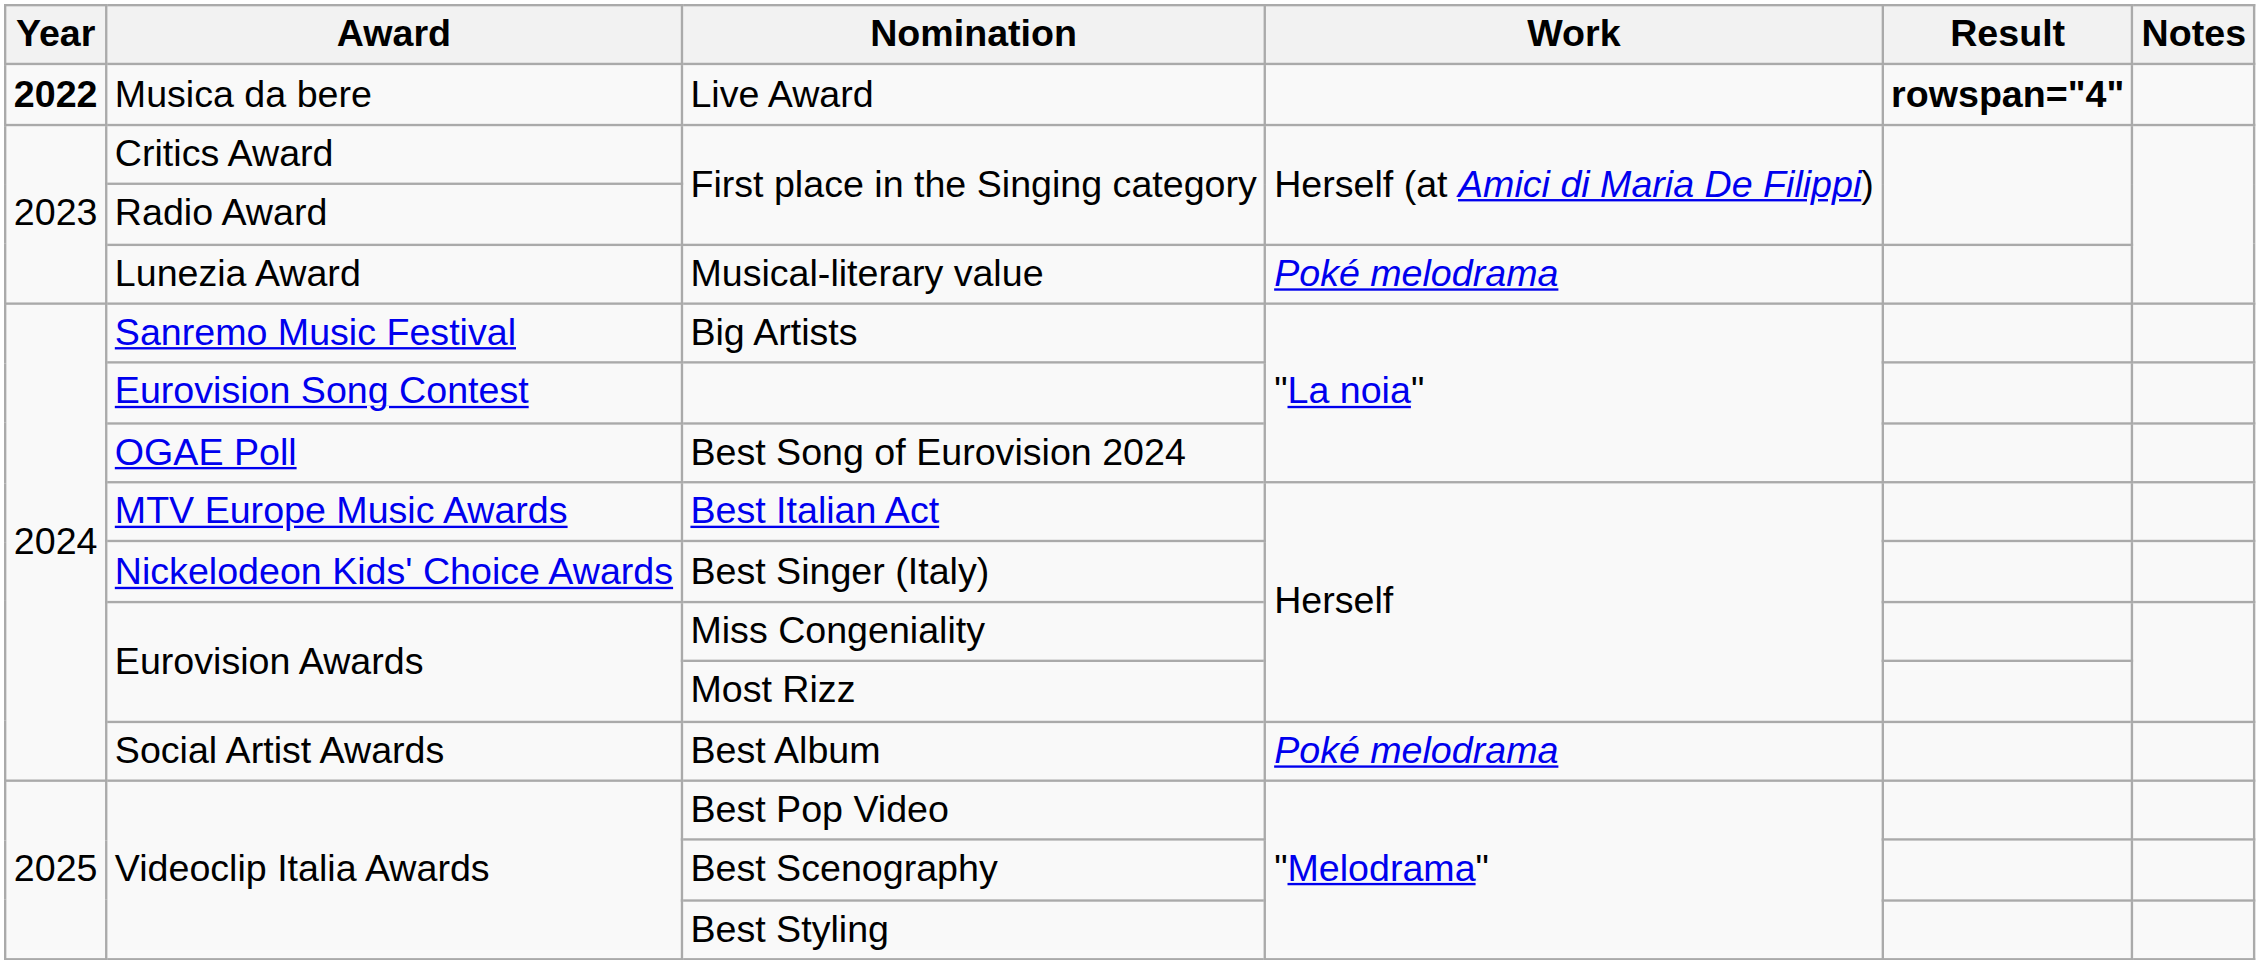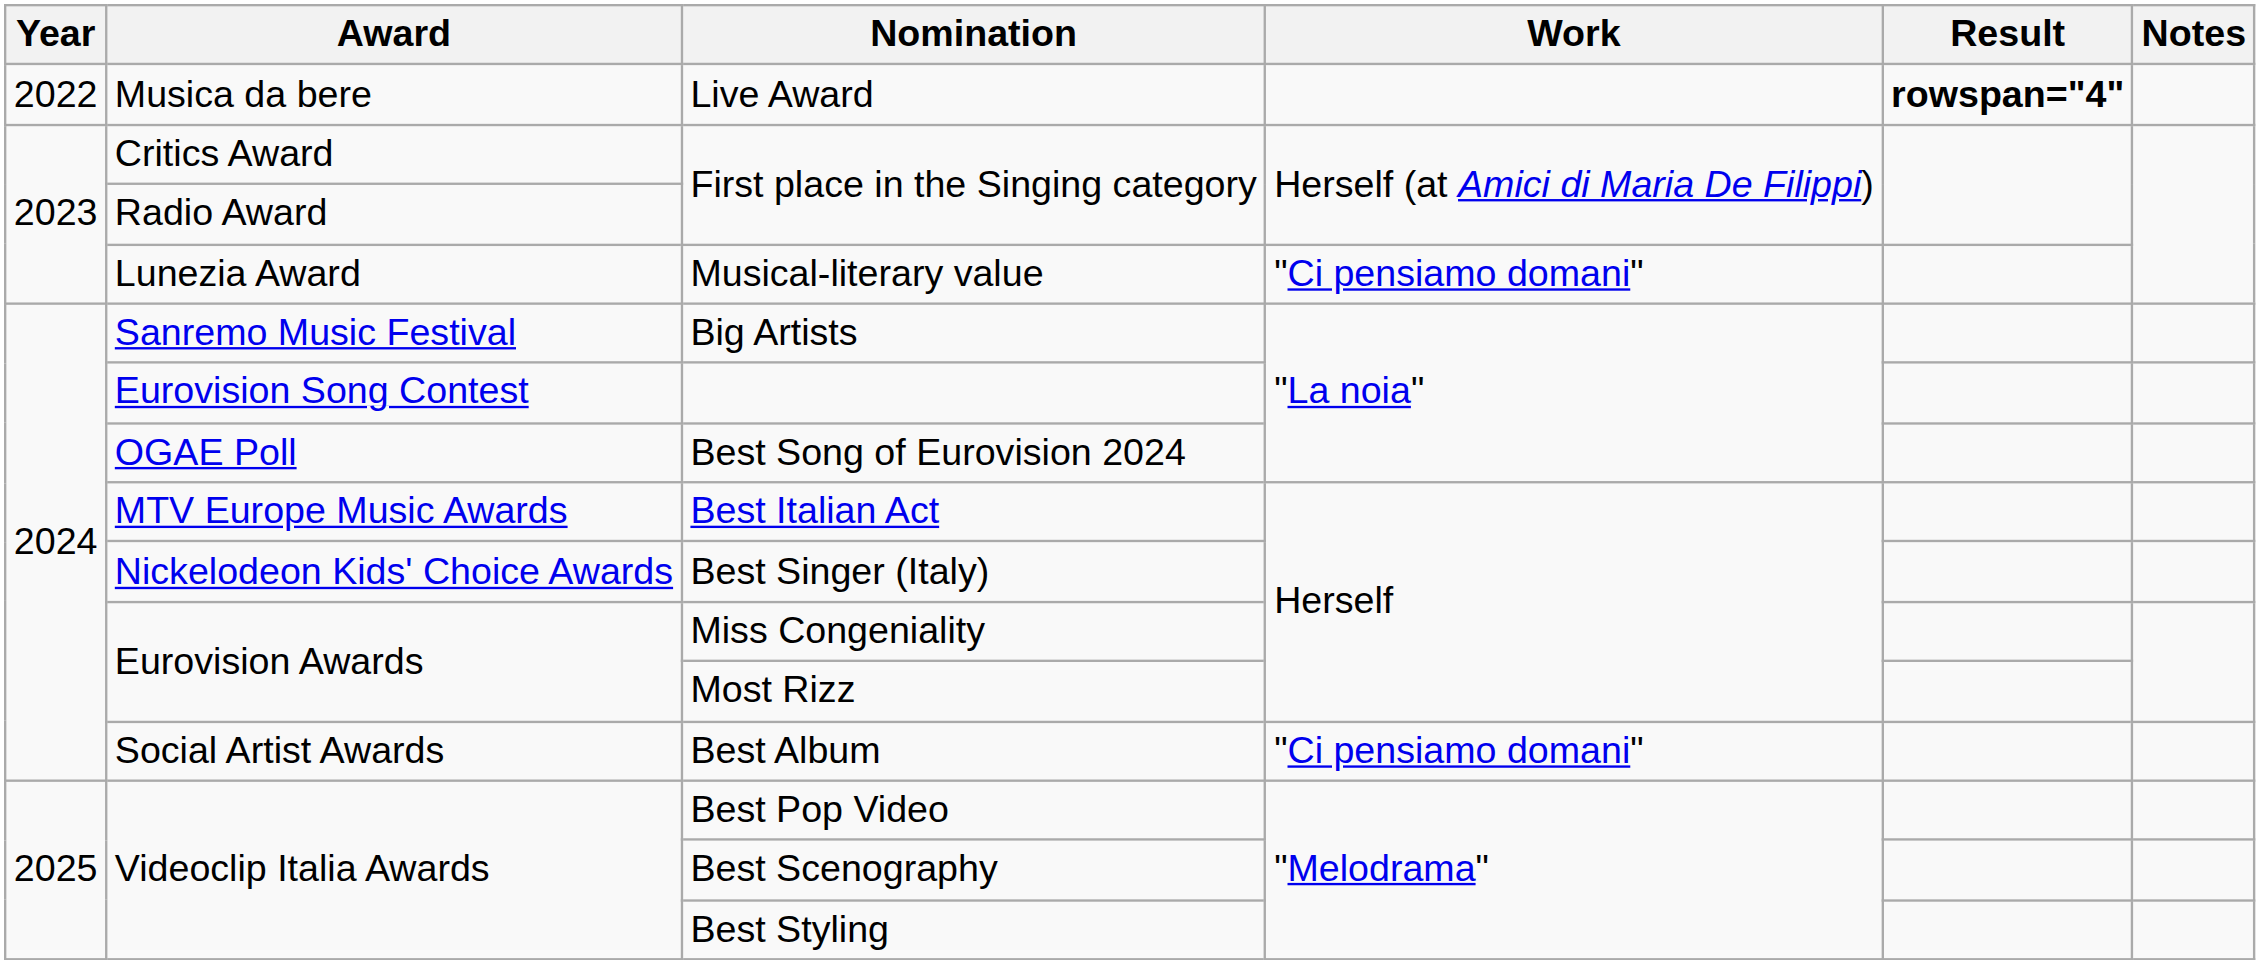 <table class="wikitable">
 <tr>
 <th>Year</th>
 <th>Award</th>
 <th>Nomination</th>
 <th>Work</th>
 <th>Result</th>
 <th>Notes</th>
 </tr>
 <tr>
-<td><strong>2022</strong></td>
+<td>2022</td>
 <td>Musica da bere</td>
 <td>Live Award</td>
 <td></td>
 <td><strong>rowspan="4" </strong></td>
 <td align="center"></td>
 </tr>
 <tr>
 <td rowspan="3">2023</td>
 <td>Critics Award</td>
 <td rowspan="2">First place in the Singing category</td>
 <td rowspan="2">Herself (at <em><a href='#'>Amici di Maria De Filippi</a></em>)</td>
 <td rowspan="2"></td>
 </tr>
 <tr>
 <td>Radio Award</td>
 </tr>
 <tr>
 <td>Lunezia Award</td>
 <td>Musical-literary value</td>
-<td><em><a href='#'>Poké melodrama</a></em></td>
+<td>"<a href='#'>Ci pensiamo domani</a>"</td>
 <td align="center"></td>
 </tr>
 <tr>
 <td rowspan="8">2024</td>
 <td><a href='#'>Sanremo Music Festival</a></td>
 <td>Big Artists</td>
 <td rowspan="3">"<a href='#'>La noia</a>"</td>
 <td></td>
 <td></td>
 </tr>
 <tr>
 <td><a href='#'>Eurovision Song Contest</a></td>
 <td></td>
 <td></td>
 <td></td>
 </tr>
 <tr>
 <td><a href='#'>OGAE Poll</a></td>
 <td>Best Song of Eurovision 2024</td>
 <td></td>
 <td></td>
 </tr>
 <tr>
 <td><a href='#'>MTV Europe Music Awards</a></td>
 <td><a href='#'>Best Italian Act</a></td>
 <td rowspan="4">Herself</td>
 <td></td>
 <td></td>
 </tr>
 <tr>
 <td><a href='#'>Nickelodeon Kids' Choice Awards</a></td>
 <td>Best Singer (Italy)</td>
 <td></td>
 <td></td>
 </tr>
 <tr>
 <td rowspan="2">Eurovision Awards</td>
 <td>Miss Congeniality</td>
 <td></td>
 <td rowspan="2" align="center"></td>
 </tr>
 <tr>
 <td>Most Rizz</td>
 <td></td>
 </tr>
 <tr>
 <td>Social Artist Awards</td>
 <td>Best Album</td>
-<td><em><a href='#'>Poké melodrama</a></em></td>
+<td>"<a href='#'>Ci pensiamo domani</a>"</td>
 <td></td>
 <td></td>
 </tr>
 <tr>
 <td rowspan="3">2025</td>
 <td rowspan="3">Videoclip Italia Awards</td>
 <td>Best Pop Video</td>
 <td rowspan="3">"<a href='#'>Melodrama</a>"</td>
 <td></td>
 <td></td>
 </tr>
 <tr>
 <td>Best Scenography</td>
 <td></td>
 <td></td>
 </tr>
 <tr>
 <td>Best Styling</td>
 <td></td>
 <td></td>
 </tr>
 </table>
